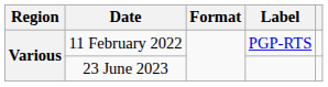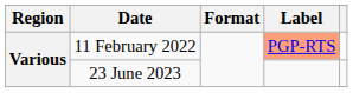 <table class="wikitable plainrowheaders" style="text-align:center">
 <tr>
 <th>Region</th>
 <th>Date</th>
 <th>Format</th>
 <th>Label</th>
 <th></th>
 </tr>
 <tr>
 <th rowspan="2" scope="row">Various</th>
 <td>11 February 2022</td>
 <td rowspan="2"></td>
-<td><a href='#'>PGP-RTS</a></td>
+<td style="background: lightsalmon;"><a href='#'>PGP-RTS</a></td>
 <td></td>
 </tr>
 <tr>
 <td>23 June 2023</td>
 <td></td>
 <td></td>
 </tr>
 </table>
